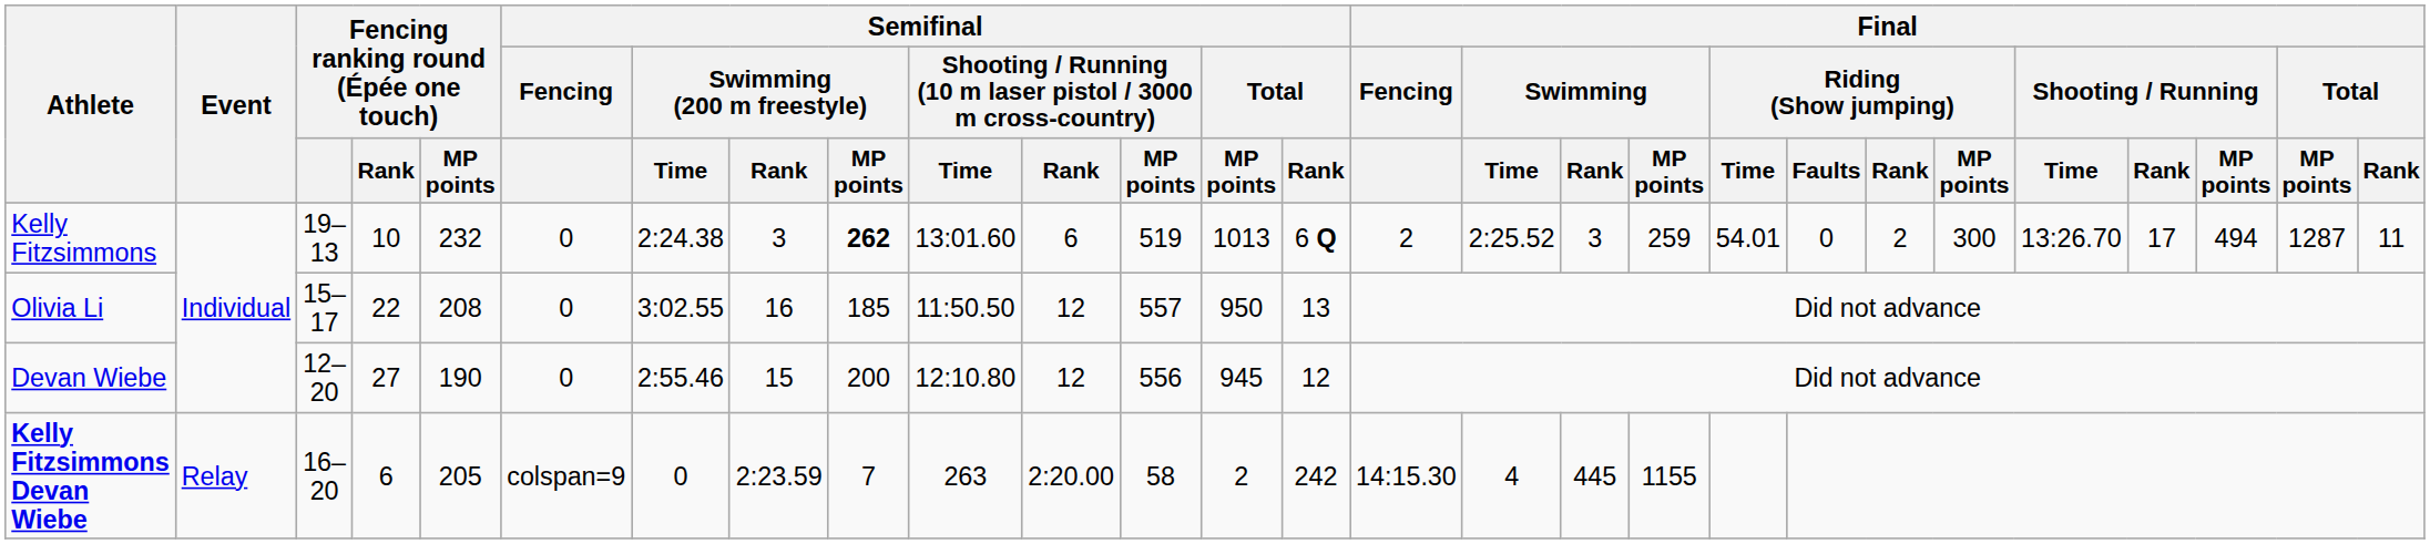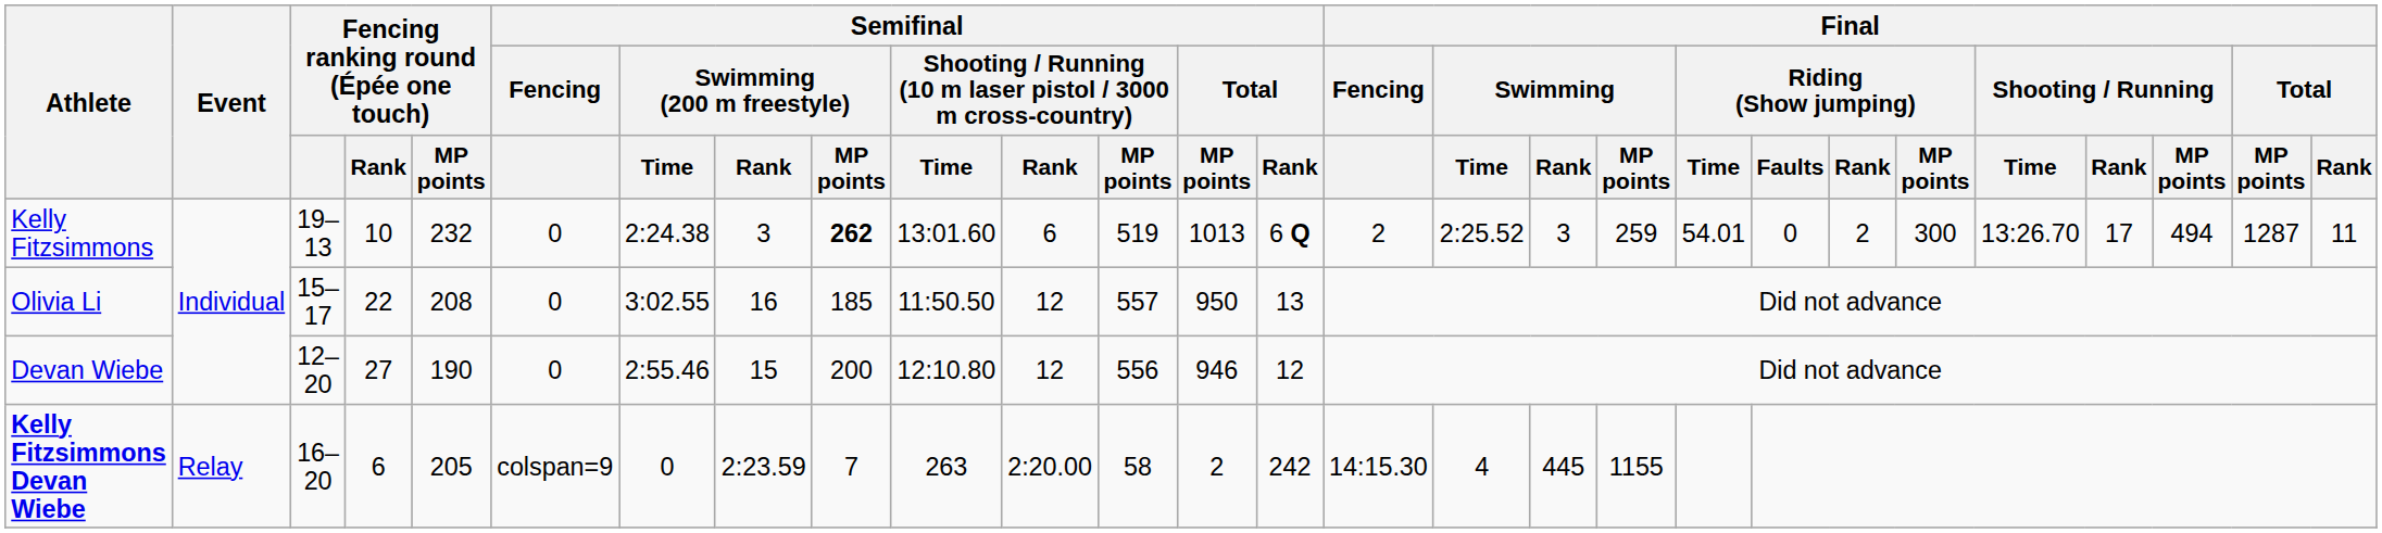 <table class=wikitable style=font-size:90%;text-align:center>
 <tr>
 <th rowspan=3>Athlete</th>
 <th rowspan=3>Event</th>
 <th colspan=3 rowspan=2>Fencing ranking round<br><span>(Épée one touch)</span></th>
 <th colspan=9>Semifinal</th>
 <th colspan=13>Final</th>
 </tr>
 <tr style=font-size:95%>
 <th>Fencing</th>
 <th colspan=3>Swimming<br><span>(200 m freestyle)</span></th>
 <th colspan=3>Shooting / Running<br><span>(10 m laser pistol / 3000 m cross-country)</span></th>
 <th colspan=2>Total</th>
 <th>Fencing</th>
 <th colspan=3>Swimming</th>
 <th colspan=4>Riding<br><span>(Show jumping)</span></th>
 <th colspan=3>Shooting / Running</th>
 <th colspan=2>Total</th>
 </tr>
 <tr style=font-size:90%>
 <th></th>
 <th>Rank</th>
 <th>MP points</th>
 <th></th>
 <th>Time</th>
 <th>Rank</th>
 <th>MP points</th>
 <th>Time</th>
 <th>Rank</th>
 <th>MP points</th>
 <th>MP points</th>
 <th>Rank</th>
 <th></th>
 <th>Time</th>
 <th>Rank</th>
 <th>MP points</th>
 <th>Time</th>
 <th>Faults</th>
 <th>Rank</th>
 <th>MP points</th>
 <th>Time</th>
 <th>Rank</th>
 <th>MP points</th>
 <th>MP points</th>
 <th>Rank</th>
 </tr>
 <tr>
 <td align=left><a href='#'>Kelly Fitzsimmons</a></td>
 <td align=left rowspan=3><a href='#'>Individual</a></td>
 <td>19–13</td>
 <td>10</td>
 <td>232</td>
 <td>0</td>
 <td>2:24.38</td>
 <td>3</td>
 <td><strong>262</strong></td>
 <td>13:01.60</td>
 <td>6</td>
 <td>519</td>
 <td>1013</td>
 <td>6 <strong>Q</strong></td>
 <td>2</td>
 <td>2:25.52</td>
 <td>3</td>
 <td>259</td>
 <td>54.01</td>
 <td>0</td>
 <td>2</td>
 <td>300</td>
 <td>13:26.70</td>
 <td>17</td>
 <td>494</td>
 <td>1287</td>
 <td>11</td>
 </tr>
 <tr>
 <td align=left><a href='#'>Olivia Li</a></td>
 <td>15–17</td>
 <td>22</td>
 <td>208</td>
 <td>0</td>
 <td>3:02.55</td>
 <td>16</td>
 <td>185</td>
 <td>11:50.50</td>
 <td>12</td>
 <td>557</td>
 <td>950</td>
 <td>13</td>
 <td colspan=13>Did not advance</td>
 </tr>
 <tr>
 <td align=left><a href='#'>Devan Wiebe</a></td>
 <td>12–20</td>
 <td>27</td>
 <td>190</td>
 <td>0</td>
 <td>2:55.46</td>
 <td>15</td>
 <td>200</td>
 <td>12:10.80</td>
 <td>12</td>
 <td>556</td>
-<td>945</td>
+<td>946</td>
 <td>12</td>
 <td colspan=13>Did not advance</td>
 </tr>
 <tr>
 <td align=left><strong><a href='#'>Kelly Fitzsimmons</a><br><a href='#'>Devan Wiebe</a></strong></td>
 <td align=left><a href='#'>Relay</a></td>
 <td>16–20</td>
 <td>6</td>
 <td>205</td>
 <td>colspan=9 </td>
 <td>0</td>
 <td>2:23.59</td>
 <td>7</td>
 <td>263</td>
 <td>2:20.00</td>
 <td>58</td>
 <td>2</td>
 <td>242</td>
 <td>14:15.30</td>
 <td>4</td>
 <td>445</td>
 <td>1155</td>
 <td></td>
 </tr>
 </table>
